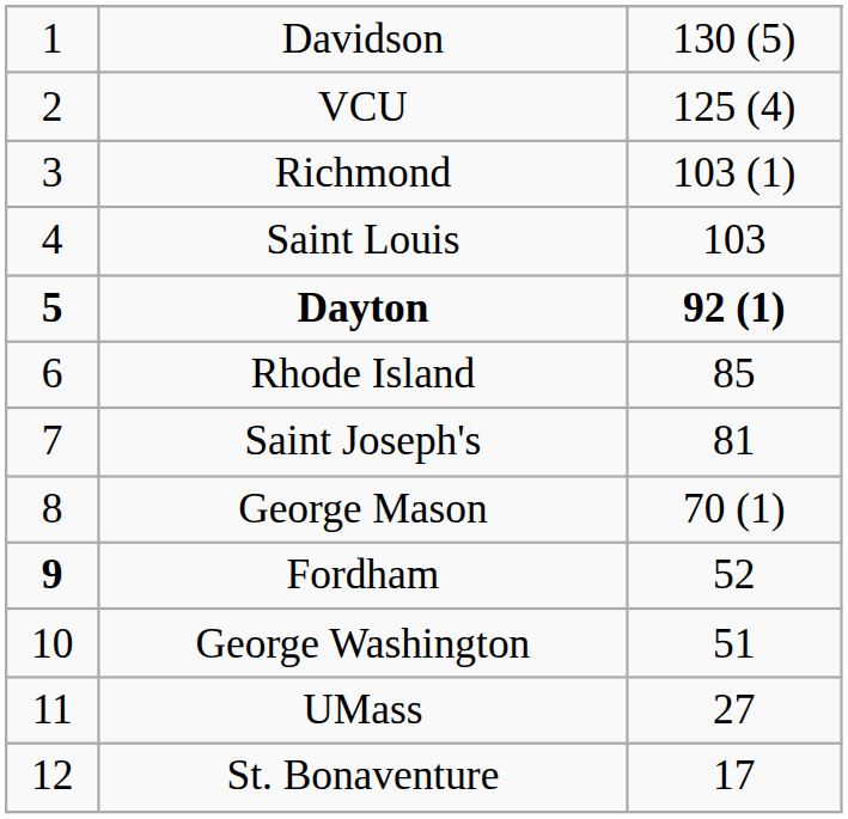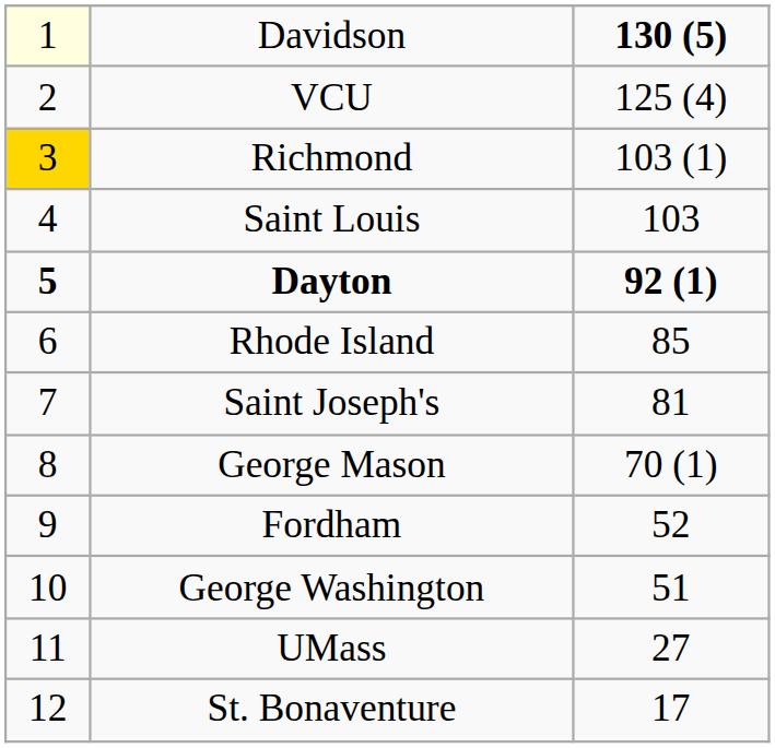 <table class="wikitable" style="width: 20%;text-align: center;">
 <tr align="center">
 </tr>
 <tr align="center">
-<td>1</td>
+<td style="background: lightyellow;">1</td>
 <td>Davidson</td>
-<td>130 (5)</td>
+<td><strong>130 (5)</strong></td>
 </tr>
 <tr>
 <td>2</td>
 <td>VCU</td>
 <td>125 (4)</td>
 </tr>
 <tr>
-<td>3</td>
+<td style="background: gold;">3</td>
 <td>Richmond</td>
 <td>103 (1)</td>
 </tr>
 <tr>
 <td>4</td>
 <td>Saint Louis</td>
 <td>103</td>
 </tr>
 <tr>
 <td><strong>5</strong></td>
 <td><strong>Dayton</strong></td>
 <td><strong>92 (1)</strong></td>
 </tr>
 <tr>
 <td>6</td>
 <td>Rhode Island</td>
 <td>85</td>
 </tr>
 <tr>
 <td>7</td>
 <td>Saint Joseph's</td>
 <td>81</td>
 </tr>
 <tr>
 <td>8</td>
 <td>George Mason</td>
 <td>70 (1)</td>
 </tr>
 <tr>
-<td><strong>9</strong></td>
+<td>9</td>
 <td>Fordham</td>
 <td>52</td>
 </tr>
 <tr>
 <td>10</td>
 <td>George Washington</td>
 <td>51</td>
 </tr>
 <tr>
 <td>11</td>
 <td>UMass</td>
 <td>27</td>
 </tr>
 <tr>
 <td>12</td>
 <td>St. Bonaventure</td>
 <td>17</td>
 </tr>
 </table>
